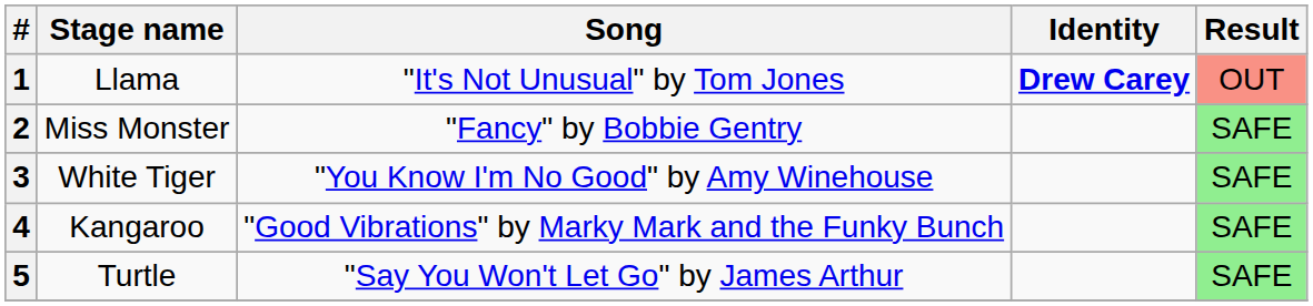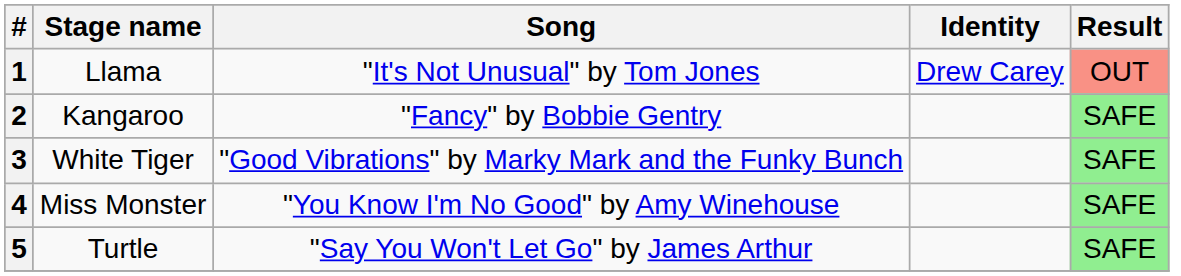 <table class="wikitable plainrowheaders" style="text-align: center;">
 <tr>
 <th>#</th>
 <th>Stage name</th>
 <th>Song</th>
 <th>Identity</th>
 <th colspan=2>Result</th>
 </tr>
 <tr>
 <th>1</th>
 <td>Llama</td>
 <td>"<a href='#'>It's Not Unusual</a>" by <a href='#'>Tom Jones</a></td>
-<td><strong><a href='#'>Drew Carey</a></strong></td>
+<td><a href='#'>Drew Carey</a></td>
 <td bgcolor=#F99185>OUT</td>
 </tr>
 <tr>
 <th>2</th>
-<td>Miss Monster</td>
+<td>Kangaroo</td>
 <td>"<a href='#'>Fancy</a>" by <a href='#'>Bobbie Gentry</a></td>
 <td></td>
 <td bgcolor=lightgreen>SAFE</td>
 </tr>
 <tr>
 <th>3</th>
 <td>White Tiger</td>
-<td>"<a href='#'>You Know I'm No Good</a>" by <a href='#'>Amy Winehouse</a></td>
+<td>"<a href='#'>Good Vibrations</a>" by <a href='#'>Marky Mark and the Funky Bunch</a></td>
 <td></td>
 <td bgcolor=lightgreen>SAFE</td>
 </tr>
 <tr>
 <th>4</th>
-<td>Kangaroo</td>
-<td>"<a href='#'>Good Vibrations</a>" by <a href='#'>Marky Mark and the Funky Bunch</a></td>
+<td>Miss Monster</td>
+<td>"<a href='#'>You Know I'm No Good</a>" by <a href='#'>Amy Winehouse</a></td>
 <td></td>
 <td bgcolor=lightgreen>SAFE</td>
 </tr>
 <tr>
 <th>5</th>
 <td>Turtle</td>
 <td>"<a href='#'>Say You Won't Let Go</a>" by <a href='#'>James Arthur</a></td>
 <td></td>
 <td bgcolor=lightgreen>SAFE</td>
 </tr>
 <tr>
 </tr>
 </table>
